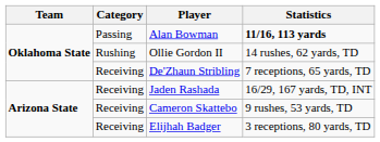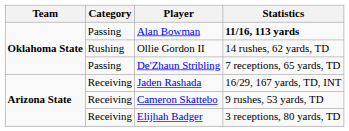 <table class="wikitable" style="float: right;">
 <tr>
 <th>Team</th>
 <th>Category</th>
 <th>Player</th>
 <th>Statistics</th>
 </tr>
 <tr>
 <td rowspan=3><strong>Oklahoma State</strong></td>
 <td>Passing</td>
 <td><a href='#'>Alan Bowman</a></td>
 <td><strong>11/16, 113 yards</strong></td>
 </tr>
 <tr>
 <td>Rushing</td>
 <td>Ollie Gordon II</td>
 <td>14 rushes, 62 yards, TD</td>
 </tr>
 <tr>
-<td>Receiving</td>
+<td>Passing</td>
 <td><a href='#'>De'Zhaun Stribling</a></td>
 <td>7 receptions, 65 yards, TD</td>
 </tr>
 <tr>
 <td rowspan=3><strong>Arizona State</strong></td>
 <td>Receiving</td>
 <td><a href='#'>Jaden Rashada</a></td>
 <td>16/29, 167 yards, TD, INT</td>
 </tr>
 <tr>
 <td>Receiving</td>
 <td><a href='#'>Cameron Skattebo</a></td>
 <td>9 rushes, 53 yards, TD</td>
 </tr>
 <tr>
 <td>Receiving</td>
 <td><a href='#'>Elijhah Badger</a></td>
 <td>3 receptions, 80 yards, TD</td>
 </tr>
 </table>
